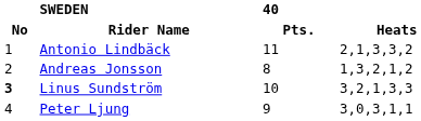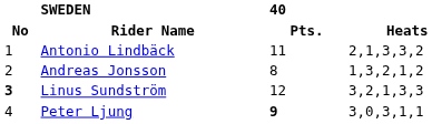 <table class="toccolours">
 <tr>
 <td></td>
 <td><strong>SWEDEN</strong></td>
 <td><strong>40</strong></td>
 </tr>
 <tr style="background-color:">
 <th width=30px>No</th>
 <th width=210px>Rider Name</th>
 <th width=70px>Pts.</th>
 <th width=110px>Heats</th>
 </tr>
 <tr style="background-color:">
 <td>1</td>
 <td><a href='#'>Antonio Lindbäck</a></td>
 <td>11</td>
 <td>2,1,3,3,2</td>
 </tr>
 <tr style="background-color:">
 <td>2</td>
 <td><a href='#'>Andreas Jonsson</a></td>
 <td>8</td>
 <td>1,3,2,1,2</td>
 </tr>
 <tr style="background-color:">
 <td><strong>3</strong></td>
 <td><a href='#'>Linus Sundström</a></td>
-<td>10</td>
+<td>12</td>
 <td>3,2,1,3,3</td>
 </tr>
 <tr style="background-color:">
 <td>4</td>
 <td><a href='#'>Peter Ljung</a></td>
-<td>9</td>
+<td><strong>9</strong></td>
 <td>3,0,3,1,1</td>
 </tr>
 </table>
